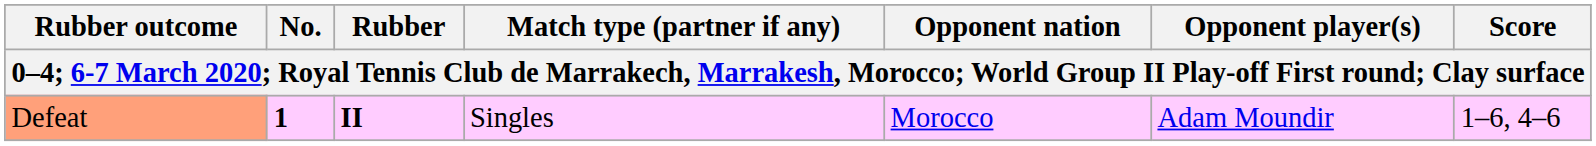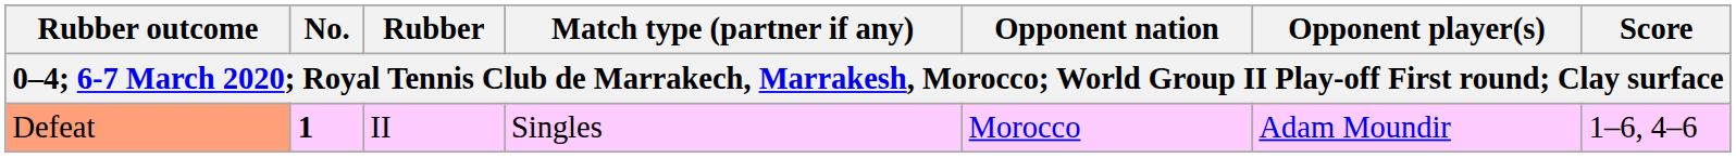 <table class=wikitable>
 <tr>
 <th>Rubber outcome</th>
 <th>No.</th>
 <th>Rubber</th>
 <th>Match type (partner if any)</th>
 <th>Opponent nation</th>
 <th>Opponent player(s)</th>
 <th>Score</th>
 </tr>
 <tr>
 <th colspan=7>0–4; <a href='#'>6-7 March 2020</a>; Royal Tennis Club de Marrakech, <a href='#'>Marrakesh</a>, Morocco; World Group II Play-off First round; Clay surface</th>
 </tr>
 <tr bgcolor=#FFCCFF>
 <td bgcolor=FFA07A>Defeat</td>
 <td><strong>1</strong></td>
-<td><strong>II</strong></td>
+<td>II</td>
 <td>Singles</td>
 <td> <a href='#'>Morocco</a></td>
 <td><a href='#'>Adam Moundir</a></td>
 <td>1–6, 4–6</td>
 </tr>
 </table>
